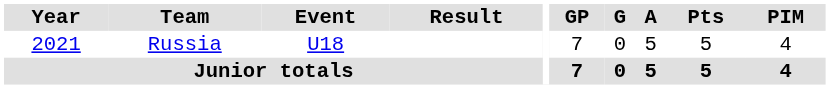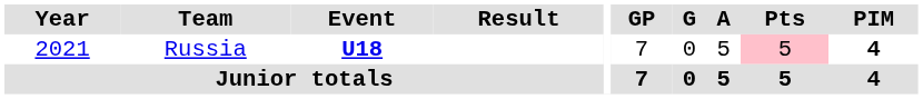 <table border="0" cellpadding="1" cellspacing="0" ID="Table3" style="text-align:center; width:40em">
 <tr ALIGN="center" bgcolor="#e0e0e0">
 <th>Year</th>
 <th>Team</th>
 <th>Event</th>
 <th>Result</th>
 <th rowspan="100" bgcolor="#ffffff"></th>
 <th>GP</th>
 <th>G</th>
 <th>A</th>
 <th>Pts</th>
 <th>PIM</th>
 </tr>
 <tr>
 <td><a href='#'>2021</a></td>
 <td><a href='#'>Russia</a></td>
-<td><a href='#'>U18</a></td>
+<td><strong><a href='#'>U18</a></strong></td>
 <td></td>
 <td>7</td>
 <td>0</td>
 <td>5</td>
-<td>5</td>
-<td>4</td>
+<td style="background: pink;">5</td>
+<td><strong>4</strong></td>
 </tr>
 <tr bgcolor="#e0e0e0">
 <th colspan="4">Junior totals</th>
 <th>7</th>
 <th>0</th>
 <th>5</th>
 <th>5</th>
 <th>4</th>
 </tr>
 </table>
